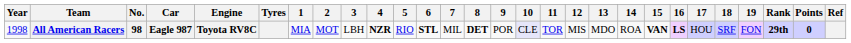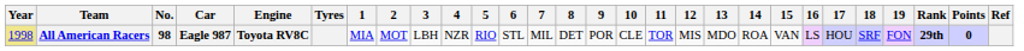 <table class="wikitable" style="text-align:center; font-size:85%">
 <tr>
 <th>Year</th>
 <th>Team</th>
 <th>No.</th>
 <th>Car</th>
 <th>Engine</th>
 <th>Tyres</th>
 <th>1</th>
 <th>2</th>
 <th>3</th>
 <th>4</th>
 <th>5</th>
 <th>6</th>
 <th>7</th>
 <th>8</th>
 <th>9</th>
 <th>10</th>
 <th>11</th>
 <th>12</th>
 <th>13</th>
 <th>14</th>
 <th>15</th>
 <th>16</th>
 <th>17</th>
 <th>18</th>
 <th>19</th>
 <th>Rank</th>
 <th>Points</th>
 <th>Ref</th>
 </tr>
 <tr>
-<td><a href='#'>1998</a></td>
+<td style="background: khaki;"><a href='#'>1998</a></td>
 <th nowrap><a href='#'>All American Racers</a></th>
 <th>98</th>
 <th nowrap>Eagle 987</th>
 <th nowrap>Toyota RV8C</th>
 <th></th>
 <td><a href='#'>MIA</a></td>
 <td><a href='#'>MOT</a></td>
 <td>LBH</td>
-<td><strong>NZR</strong></td>
+<td>NZR</td>
 <td><a href='#'>RIO</a></td>
-<td><strong>STL</strong></td>
+<td>STL</td>
 <td>MIL</td>
-<td><strong>DET</strong></td>
+<td>DET</td>
 <td>POR</td>
-<td style="background: lavender;">CLE</td>
+<td>CLE</td>
 <td><a href='#'>TOR</a></td>
 <td>MIS</td>
 <td>MDO</td>
 <td>ROA</td>
-<td><strong>VAN</strong></td>
-<td style="background:#EFCFFF;"><strong>LS<br></strong></td>
+<td>VAN</td>
+<td style="background:#EFCFFF;">LS<br></td>
 <td style="background:#CFCFFF;">HOU<br></td>
 <td style="background:#CFCFFF;"><a href='#'>SRF</a><br></td>
 <td style="background:#EFCFFF;"><a href='#'>FON</a><br></td>
 <td style="background:#CFCFFF;"><strong>29th</strong></td>
 <td style="background:#CFCFFF;"><strong>0</strong></td>
 <th></th>
 </tr>
 </table>
